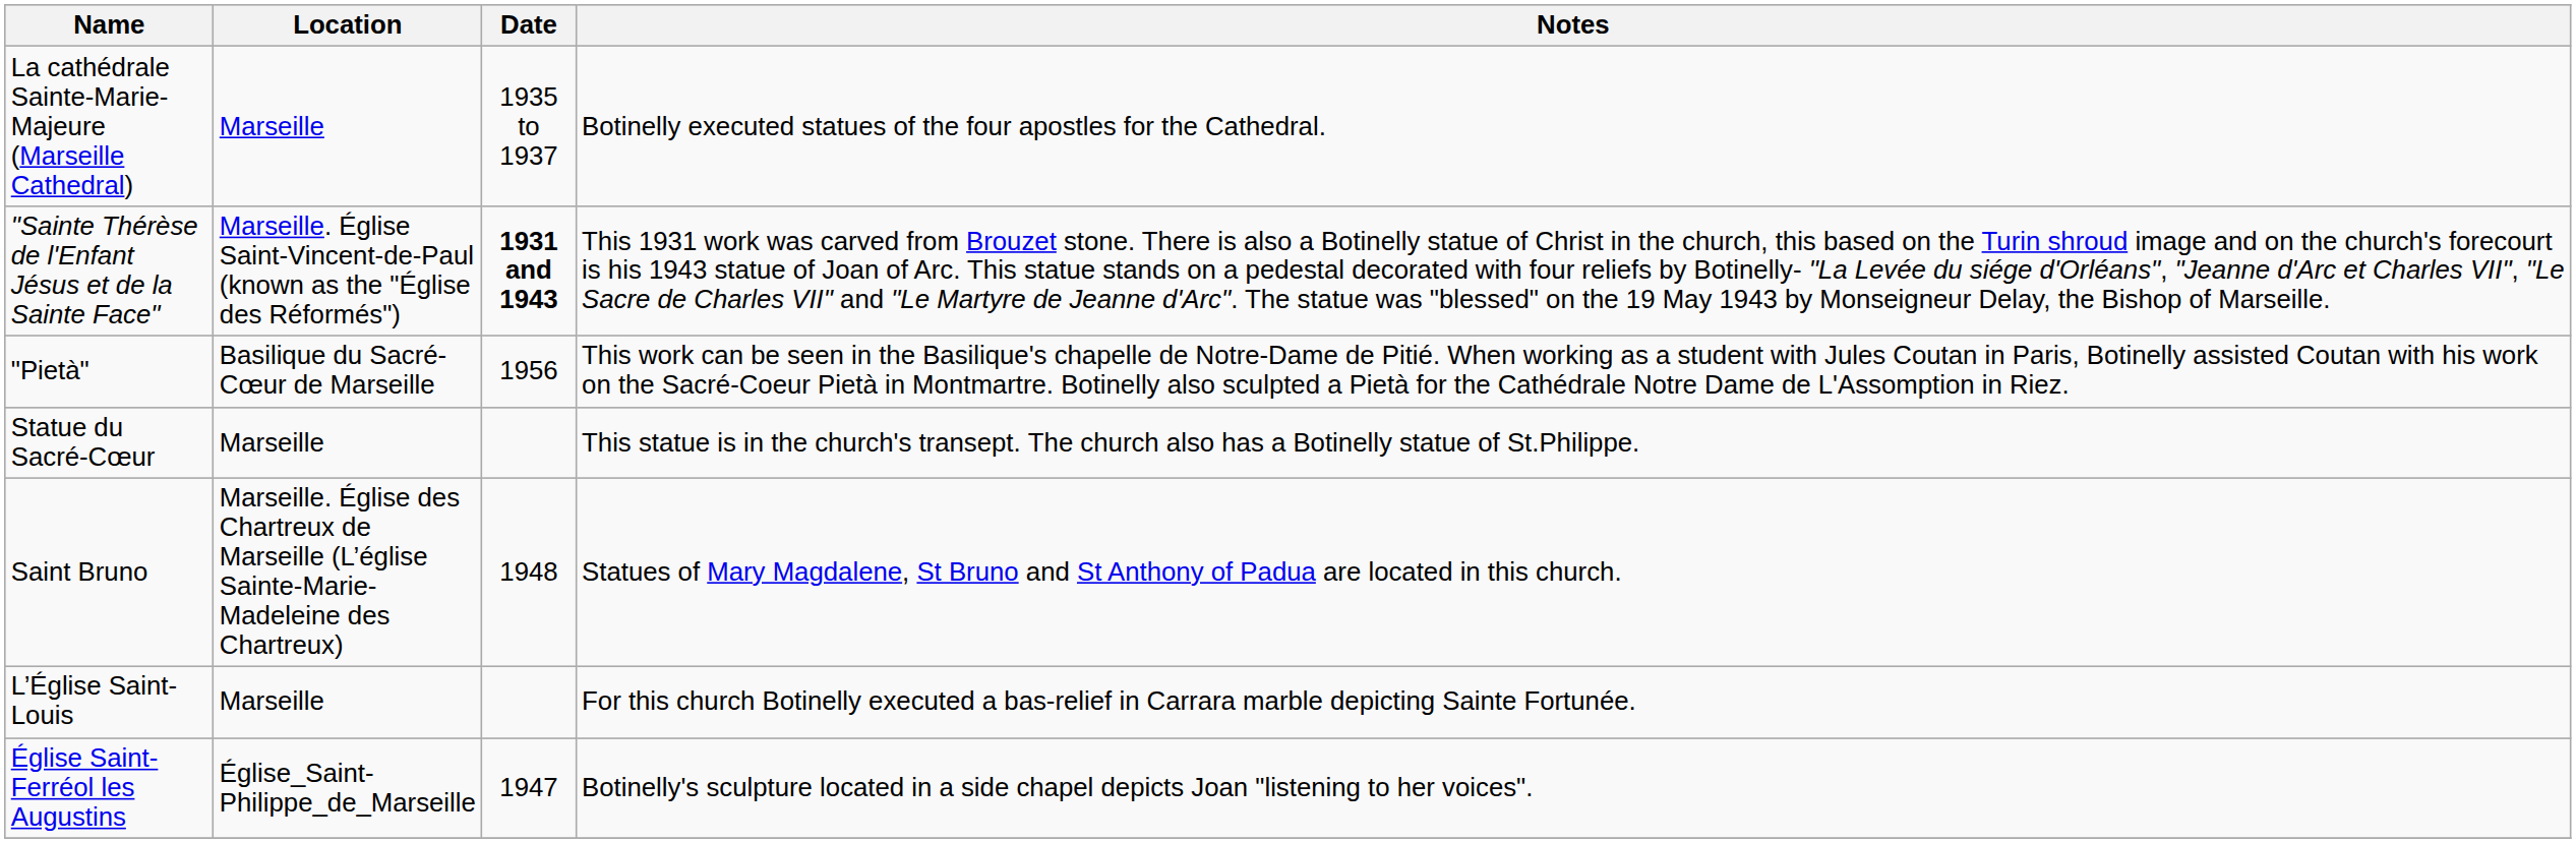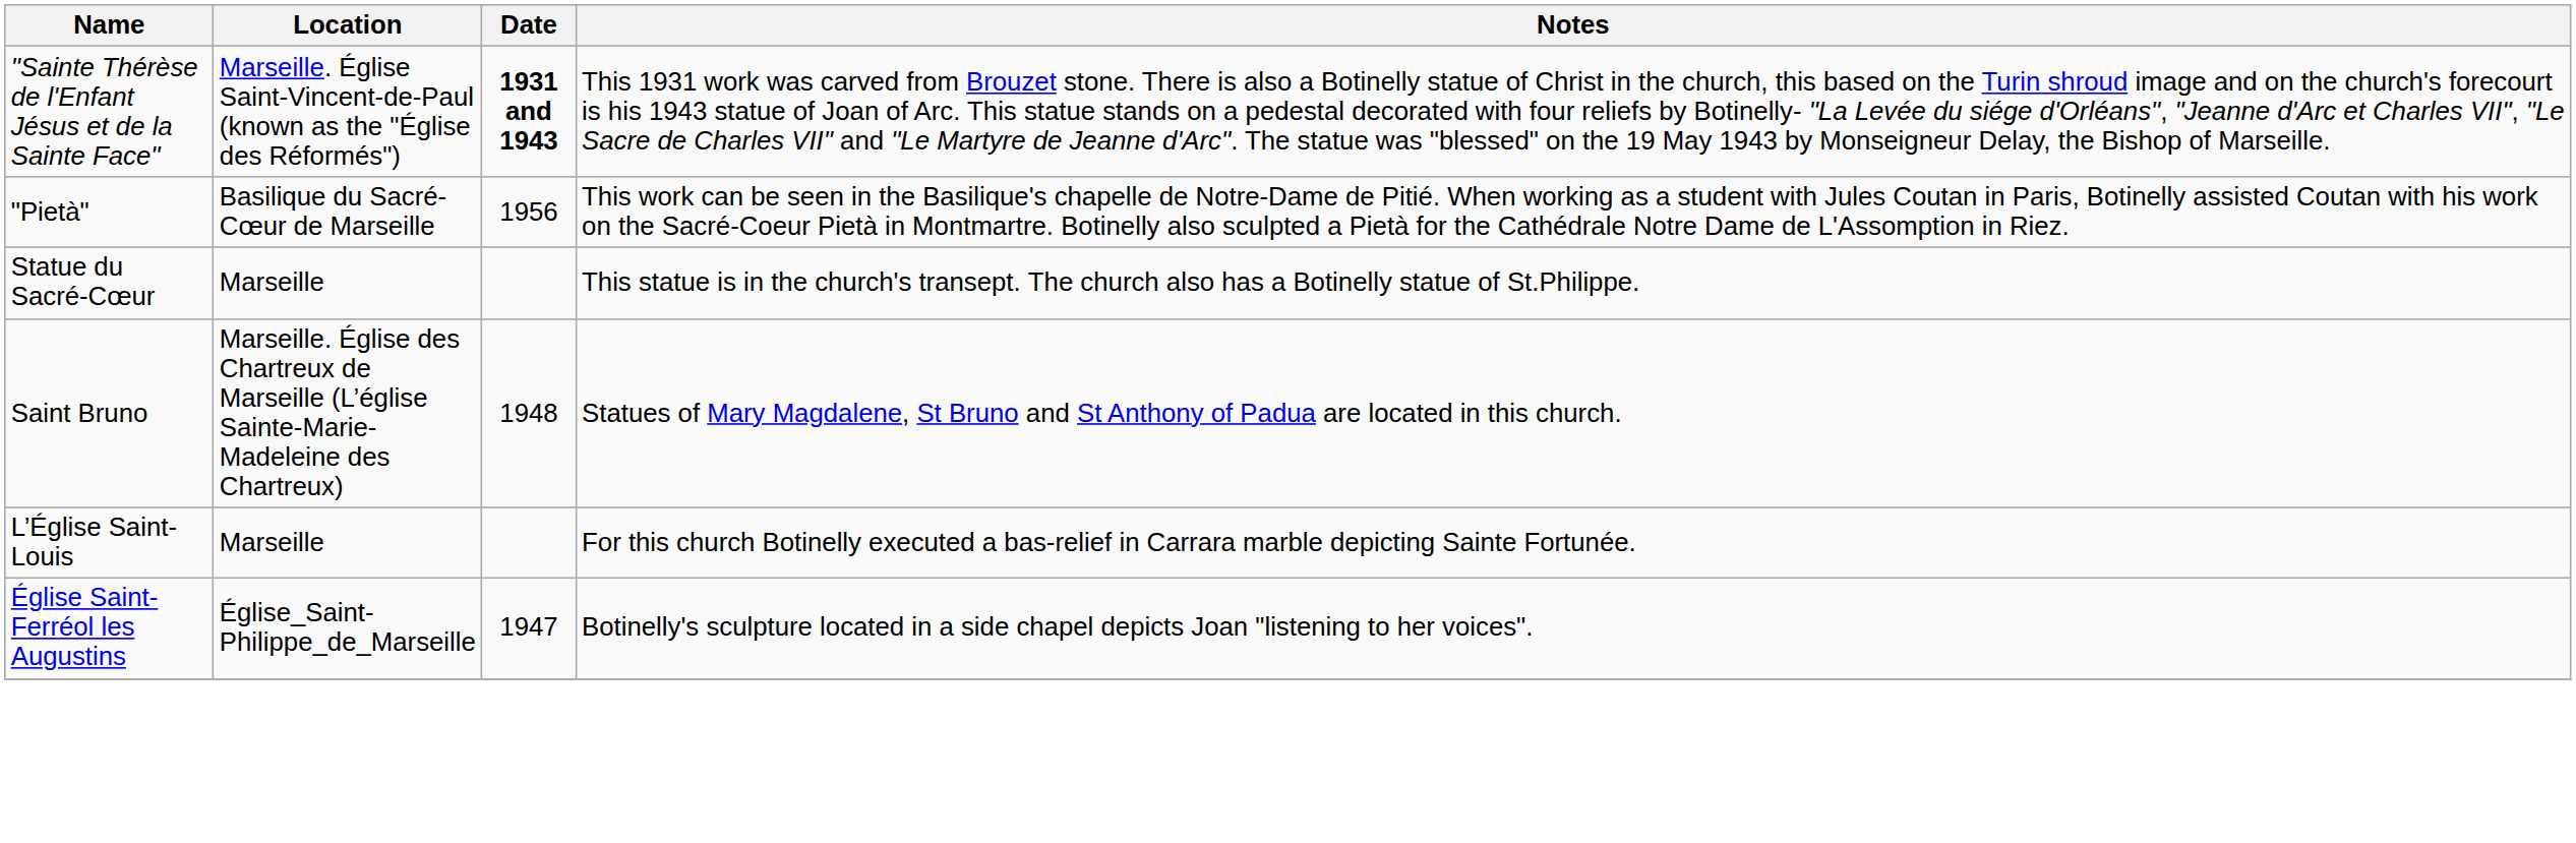 <table class="wikitable sortable plainrowheaders">
 <tr>
 <th style="width:120px">Name</th>
 <th style="width:120px">Location</th>
 <th style="width:50px" >Date</th>
 <th class="unsortable" >Notes</th>
-</tr>
-<tr>
-<td>La cathédrale Sainte-Marie-Majeure (<a href='#'>Marseille Cathedral</a>)</td>
-<td><a href='#'>Marseille</a></td>
-<td align="center">1935 to 1937</td>
-<td>Botinelly executed statues of the four apostles for the Cathedral.</td>
 </tr>
 <tr>
 <td><em>"Sainte Thérèse de l'Enfant Jésus et de la Sainte Face"</em></td>
 <td><a href='#'>Marseille</a>. Église Saint-Vincent-de-Paul (known as the "Église des Réformés")</td>
 <td align="center"><strong>1931 and 1943</strong></td>
 <td>This 1931 work was carved from <a href='#'>Brouzet</a> stone. There is also a Botinelly statue of Christ in the church, this based on the <a href='#'>Turin shroud</a> image and on the church's forecourt is his 1943 statue of Joan of Arc. This statue stands on a pedestal decorated with four reliefs by Botinelly- <em>"La Levée du siége d'Orléans"</em>, <em>"Jeanne d'Arc et Charles VII"</em>, <em>"Le Sacre de Charles VII"</em> and <em>"Le Martyre de Jeanne d'Arc"</em>. The statue was "blessed" on the 19 May 1943 by Monseigneur Delay, the Bishop of Marseille.<br> </td>
 </tr>
 <tr>
 <td>"Pietà"</td>
 <td>Basilique du Sacré-Cœur de Marseille</td>
 <td align="center">1956</td>
 <td>This work can be seen in the Basilique's chapelle de Notre-Dame de Pitié.  When working as a student with Jules Coutan in Paris, Botinelly assisted Coutan with his work on the Sacré-Coeur Pietà in Montmartre. Botinelly also sculpted a Pietà for the Cathédrale Notre Dame de L'Assomption in Riez.<br></td>
 </tr>
 <tr>
 <td>Statue du Sacré-Cœur</td>
 <td>Marseille</td>
 <td align="center"></td>
 <td>This statue is in the church's transept. The church also has a Botinelly statue of St.Philippe.</td>
 </tr>
 <tr>
 <td>Saint Bruno</td>
 <td>Marseille. Église des Chartreux de Marseille (L’église Sainte-Marie-Madeleine des Chartreux)</td>
 <td align="center">1948</td>
 <td>Statues of <a href='#'>Mary Magdalene</a>, <a href='#'>St Bruno</a> and <a href='#'>St Anthony of Padua</a> are located in this church.<br> </td>
 </tr>
 <tr>
 <td>L’Église Saint-Louis</td>
 <td>Marseille</td>
 <td align="center"></td>
 <td>For this church Botinelly executed a bas-relief in Carrara marble depicting Sainte Fortunée.<br></td>
 </tr>
 <tr>
 <td><a href='#'>Église Saint-Ferréol les Augustins</a></td>
 <td>Église_Saint-Philippe_de_Marseille</td>
 <td align="center">1947</td>
 <td>Botinelly's sculpture located in a side chapel depicts Joan "listening to her voices".<br></td>
 </tr>
 <tr>
 </tr>
 </table>
